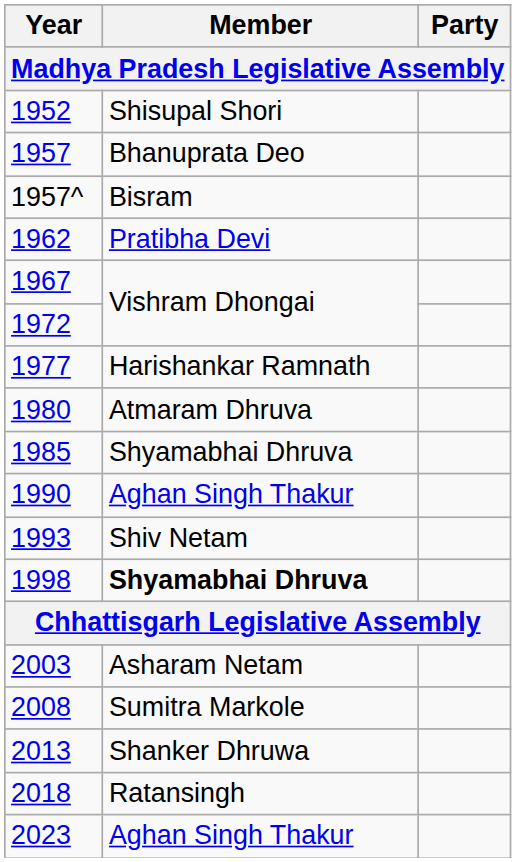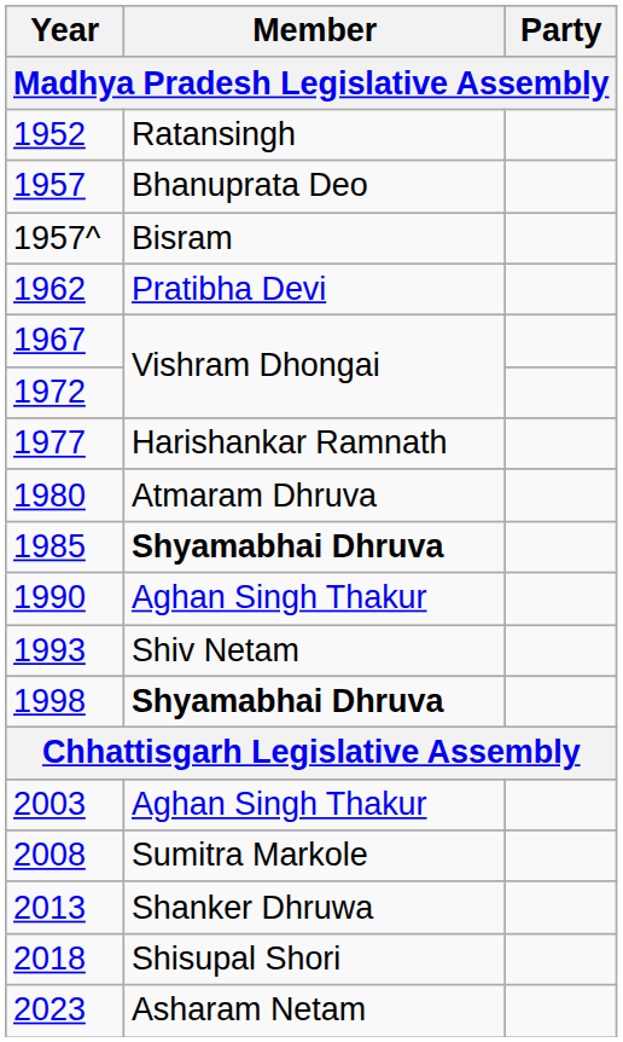 <table class="wikitable sortable">
 <tr>
 <th>Year</th>
 <th>Member</th>
 <th colspan="2">Party</th>
 </tr>
 <tr>
 <th colspan=4><a href='#'>Madhya Pradesh Legislative Assembly</a></th>
 </tr>
 <tr>
 <td><a href='#'>1952</a></td>
-<td>Shisupal Shori</td>
+<td>Ratansingh</td>
 <td></td>
 </tr>
 <tr>
 <td><a href='#'>1957</a></td>
 <td>Bhanuprata Deo</td>
 <td></td>
 </tr>
 <tr>
 <td>1957^</td>
 <td>Bisram</td>
 </tr>
 <tr>
 <td><a href='#'>1962</a></td>
 <td><a href='#'>Pratibha Devi</a></td>
 <td></td>
 </tr>
 <tr>
 <td><a href='#'>1967</a></td>
 <td rowspan="2">Vishram Dhongai</td>
 <td></td>
 </tr>
 <tr>
 <td><a href='#'>1972</a></td>
 </tr>
 <tr>
 <td><a href='#'>1977</a></td>
 <td>Harishankar Ramnath</td>
 <td></td>
 </tr>
 <tr>
 <td><a href='#'>1980</a></td>
 <td>Atmaram Dhruva</td>
 <td></td>
 </tr>
 <tr>
 <td><a href='#'>1985</a></td>
-<td>Shyamabhai Dhruva</td>
+<td><strong>Shyamabhai Dhruva</strong></td>
 <td></td>
 </tr>
 <tr>
 <td><a href='#'>1990</a></td>
 <td><a href='#'>Aghan Singh Thakur</a></td>
 <td></td>
 </tr>
 <tr>
 <td><a href='#'>1993</a></td>
 <td>Shiv Netam</td>
 <td></td>
 </tr>
 <tr>
 <td><a href='#'>1998</a></td>
 <td><strong>Shyamabhai Dhruva</strong></td>
 <td></td>
 </tr>
 <tr>
 <th colspan=4><a href='#'>Chhattisgarh Legislative Assembly</a></th>
 </tr>
 <tr>
 <td><a href='#'>2003</a></td>
-<td>Asharam Netam</td>
+<td><a href='#'>Aghan Singh Thakur</a></td>
 <td></td>
 </tr>
 <tr>
 <td><a href='#'>2008</a></td>
 <td>Sumitra Markole</td>
 </tr>
 <tr>
 <td><a href='#'>2013</a></td>
 <td>Shanker Dhruwa</td>
 <td></td>
 </tr>
 <tr>
 <td><a href='#'>2018</a></td>
-<td>Ratansingh</td>
+<td>Shisupal Shori</td>
 </tr>
 <tr>
 <td><a href='#'>2023</a></td>
-<td><a href='#'>Aghan Singh Thakur</a></td>
+<td>Asharam Netam</td>
 <td></td>
 </tr>
 </table>
